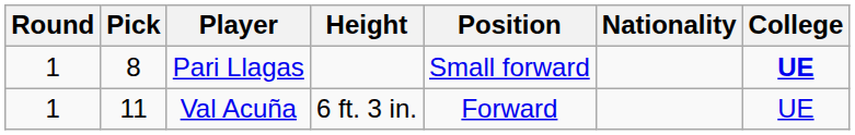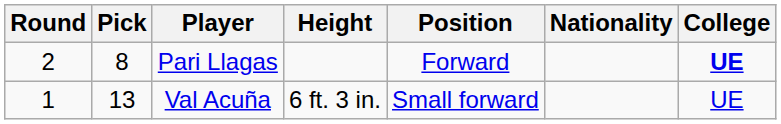 <table class="wikitable sortable sortable">
 <tr>
 <th>Round</th>
 <th>Pick</th>
 <th>Player</th>
 <th>Height</th>
 <th>Position</th>
 <th>Nationality</th>
 <th>College</th>
 </tr>
 <tr style="text-align: center">
-<td>1</td>
+<td>2</td>
 <td>8</td>
 <td><a href='#'>Pari Llagas</a></td>
 <td></td>
-<td><a href='#'>Small forward</a></td>
+<td><a href='#'>Forward</a></td>
 <td></td>
 <td><strong><a href='#'>UE</a></strong></td>
 </tr>
 <tr style="text-align: center">
 <td>1</td>
-<td>11</td>
+<td>13</td>
 <td><a href='#'>Val Acuña</a></td>
 <td>6 ft. 3 in.</td>
-<td><a href='#'>Forward</a></td>
+<td><a href='#'>Small forward</a></td>
 <td></td>
 <td><a href='#'>UE</a></td>
 </tr>
 </table>
